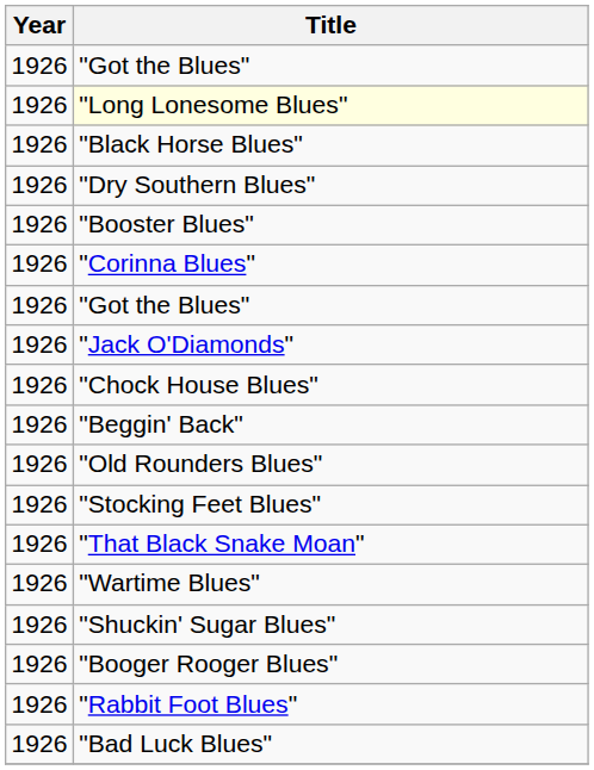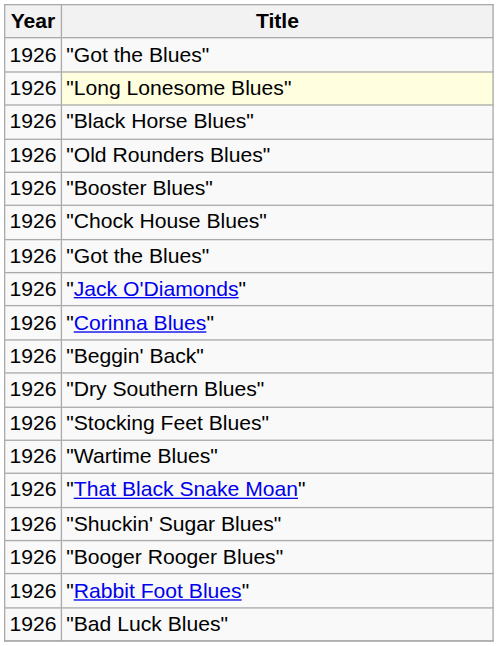 <table class="wikitable">
 <tr>
 <th>Year</th>
 <th width="320">Title</th>
 </tr>
 <tr>
 <td>1926</td>
 <td>"Got the Blues"</td>
 </tr>
 <tr>
 <td>1926</td>
 <td style="background: lightyellow;">"Long Lonesome Blues"</td>
 </tr>
 <tr>
 <td>1926</td>
 <td>"Black Horse Blues"</td>
 </tr>
 <tr>
 <td>1926</td>
-<td>"Dry Southern Blues"</td>
+<td>"Old Rounders Blues"</td>
 </tr>
 <tr>
 <td>1926</td>
 <td>"Booster Blues"</td>
 </tr>
 <tr>
 <td>1926</td>
-<td>"<a href='#'>Corinna Blues</a>"</td>
+<td>"Chock House Blues"</td>
 </tr>
 <tr>
 <td>1926</td>
 <td>"Got the Blues"</td>
 </tr>
 <tr>
 <td>1926</td>
 <td>"<a href='#'>Jack O'Diamonds</a>"</td>
 </tr>
 <tr>
 <td>1926</td>
-<td>"Chock House Blues"</td>
+<td>"<a href='#'>Corinna Blues</a>"</td>
 </tr>
 <tr>
 <td>1926</td>
 <td>"Beggin' Back"</td>
 </tr>
 <tr>
 <td>1926</td>
-<td>"Old Rounders Blues"</td>
+<td>"Dry Southern Blues"</td>
 </tr>
 <tr>
 <td>1926</td>
 <td>"Stocking Feet Blues"</td>
 </tr>
 <tr>
 <td>1926</td>
-<td>"<a href='#'>That Black Snake Moan</a>"</td>
+<td>"Wartime Blues"</td>
 </tr>
 <tr>
 <td>1926</td>
-<td>"Wartime Blues"</td>
+<td>"<a href='#'>That Black Snake Moan</a>"</td>
 </tr>
 <tr>
 <td>1926</td>
 <td>"Shuckin' Sugar Blues"</td>
 </tr>
 <tr>
 <td>1926</td>
 <td>"Booger Rooger Blues"</td>
 </tr>
 <tr>
 <td>1926</td>
 <td>"<a href='#'>Rabbit Foot Blues</a>"</td>
 </tr>
 <tr>
 <td>1926</td>
 <td>"Bad Luck Blues"</td>
 </tr>
 <tr>
 </tr>
 </table>
